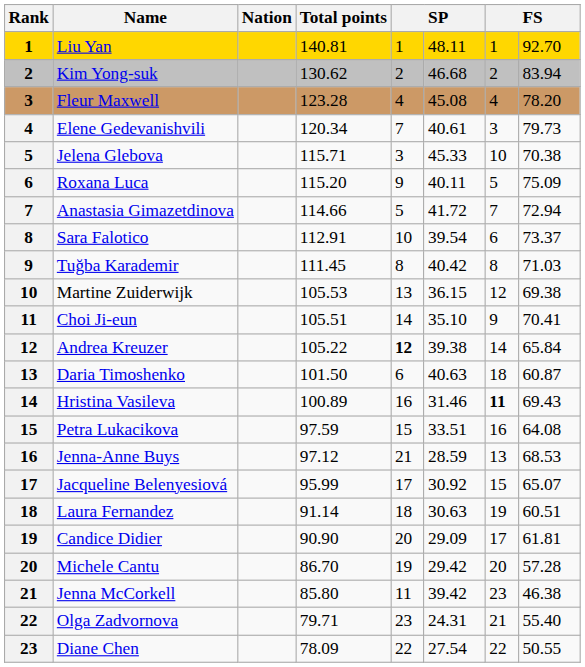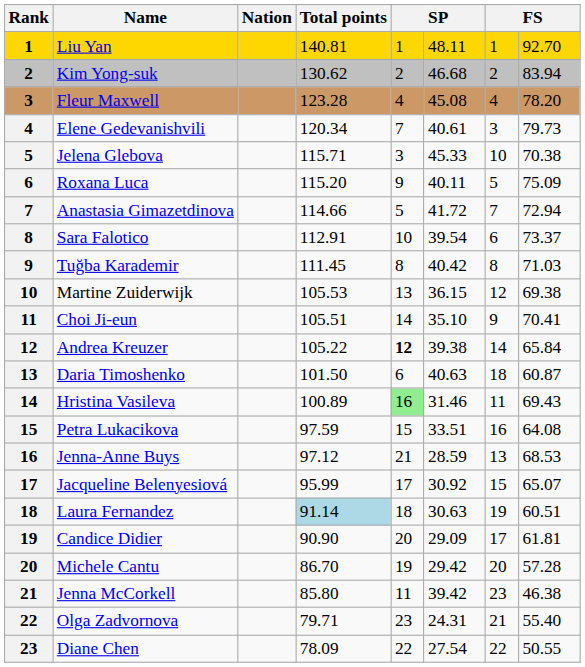 <table class="wikitable">
 <tr>
 <th>Rank</th>
 <th>Name</th>
 <th>Nation</th>
 <th>Total points</th>
 <th colspan="2" width="80px">SP</th>
 <th colspan="2" width="80px">FS</th>
 </tr>
 <tr bgcolor="gold">
 <td align="center"><strong>1</strong></td>
 <td><a href='#'>Liu Yan</a></td>
 <td></td>
 <td>140.81</td>
 <td>1</td>
 <td>48.11</td>
 <td>1</td>
 <td>92.70</td>
 </tr>
 <tr bgcolor="silver">
 <td align="center"><strong>2</strong></td>
 <td><a href='#'>Kim Yong-suk</a></td>
 <td></td>
 <td>130.62</td>
 <td>2</td>
 <td>46.68</td>
 <td>2</td>
 <td>83.94</td>
 </tr>
 <tr bgcolor="cc9966">
 <td align="center"><strong>3</strong></td>
 <td><a href='#'>Fleur Maxwell</a></td>
 <td></td>
 <td>123.28</td>
 <td>4</td>
 <td>45.08</td>
 <td>4</td>
 <td>78.20</td>
 </tr>
 <tr>
 <th>4</th>
 <td><a href='#'>Elene Gedevanishvili</a></td>
 <td></td>
 <td>120.34</td>
 <td>7</td>
 <td>40.61</td>
 <td>3</td>
 <td>79.73</td>
 </tr>
 <tr>
 <th>5</th>
 <td><a href='#'>Jelena Glebova</a></td>
 <td></td>
 <td>115.71</td>
 <td>3</td>
 <td>45.33</td>
 <td>10</td>
 <td>70.38</td>
 </tr>
 <tr>
 <th>6</th>
 <td><a href='#'>Roxana Luca</a></td>
 <td></td>
 <td>115.20</td>
 <td>9</td>
 <td>40.11</td>
 <td>5</td>
 <td>75.09</td>
 </tr>
 <tr>
 <th>7</th>
 <td><a href='#'>Anastasia Gimazetdinova</a></td>
 <td></td>
 <td>114.66</td>
 <td>5</td>
 <td>41.72</td>
 <td>7</td>
 <td>72.94</td>
 </tr>
 <tr>
 <th>8</th>
 <td><a href='#'>Sara Falotico</a></td>
 <td></td>
 <td>112.91</td>
 <td>10</td>
 <td>39.54</td>
 <td>6</td>
 <td>73.37</td>
 </tr>
 <tr>
 <th>9</th>
 <td><a href='#'>Tuğba Karademir</a></td>
 <td></td>
 <td>111.45</td>
 <td>8</td>
 <td>40.42</td>
 <td>8</td>
 <td>71.03</td>
 </tr>
 <tr>
 <th>10</th>
 <td>Martine Zuiderwijk</td>
 <td></td>
 <td>105.53</td>
 <td>13</td>
 <td>36.15</td>
 <td>12</td>
 <td>69.38</td>
 </tr>
 <tr>
 <th>11</th>
 <td><a href='#'>Choi Ji-eun</a></td>
 <td></td>
 <td>105.51</td>
 <td>14</td>
 <td>35.10</td>
 <td>9</td>
 <td>70.41</td>
 </tr>
 <tr>
 <th>12</th>
 <td><a href='#'>Andrea Kreuzer</a></td>
 <td></td>
 <td>105.22</td>
 <td><strong>12</strong></td>
 <td>39.38</td>
 <td>14</td>
 <td>65.84</td>
 </tr>
 <tr>
 <th>13</th>
 <td><a href='#'>Daria Timoshenko</a></td>
 <td></td>
 <td>101.50</td>
 <td>6</td>
 <td>40.63</td>
 <td>18</td>
 <td>60.87</td>
 </tr>
 <tr>
 <th>14</th>
 <td><a href='#'>Hristina Vasileva</a></td>
 <td></td>
 <td>100.89</td>
-<td>16</td>
+<td style="background: lightgreen;">16</td>
 <td>31.46</td>
-<td><strong>11</strong></td>
+<td>11</td>
 <td>69.43</td>
 </tr>
 <tr>
 <th>15</th>
 <td><a href='#'>Petra Lukacikova</a></td>
 <td></td>
 <td>97.59</td>
 <td>15</td>
 <td>33.51</td>
 <td>16</td>
 <td>64.08</td>
 </tr>
 <tr>
 <th>16</th>
 <td><a href='#'>Jenna-Anne Buys</a></td>
 <td></td>
 <td>97.12</td>
 <td>21</td>
 <td>28.59</td>
 <td>13</td>
 <td>68.53</td>
 </tr>
 <tr>
 <th>17</th>
 <td><a href='#'>Jacqueline Belenyesiová</a></td>
 <td></td>
 <td>95.99</td>
 <td>17</td>
 <td>30.92</td>
 <td>15</td>
 <td>65.07</td>
 </tr>
 <tr>
 <th>18</th>
 <td><a href='#'>Laura Fernandez</a></td>
 <td></td>
-<td>91.14</td>
+<td style="background: lightblue;">91.14</td>
 <td>18</td>
 <td>30.63</td>
 <td>19</td>
 <td>60.51</td>
 </tr>
 <tr>
 <th>19</th>
 <td><a href='#'>Candice Didier</a></td>
 <td></td>
 <td>90.90</td>
 <td>20</td>
 <td>29.09</td>
 <td>17</td>
 <td>61.81</td>
 </tr>
 <tr>
 <th>20</th>
 <td><a href='#'>Michele Cantu</a></td>
 <td></td>
 <td>86.70</td>
 <td>19</td>
 <td>29.42</td>
 <td>20</td>
 <td>57.28</td>
 </tr>
 <tr>
 <th>21</th>
 <td><a href='#'>Jenna McCorkell</a></td>
 <td></td>
 <td>85.80</td>
 <td>11</td>
 <td>39.42</td>
 <td>23</td>
 <td>46.38</td>
 </tr>
 <tr>
 <th>22</th>
 <td><a href='#'>Olga Zadvornova</a></td>
 <td></td>
 <td>79.71</td>
 <td>23</td>
 <td>24.31</td>
 <td>21</td>
 <td>55.40</td>
 </tr>
 <tr>
 <th>23</th>
 <td><a href='#'>Diane Chen</a></td>
 <td></td>
 <td>78.09</td>
 <td>22</td>
 <td>27.54</td>
 <td>22</td>
 <td>50.55</td>
 </tr>
 </table>
